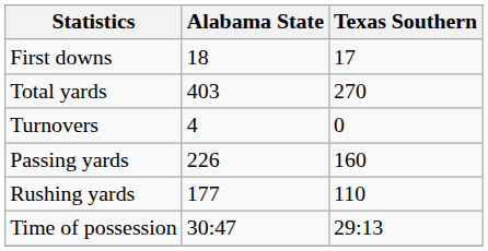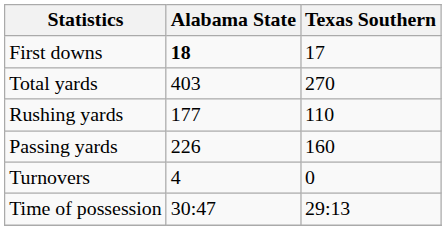 <table class="wikitable">
 <tr>
 <th>Statistics</th>
 <th>Alabama State</th>
 <th>Texas Southern</th>
 </tr>
 <tr>
 <td>First downs</td>
-<td>18</td>
+<td><strong>18</strong></td>
 <td>17</td>
 </tr>
 <tr>
 <td>Total yards</td>
 <td>403</td>
 <td>270</td>
 </tr>
 <tr>
-<td>Turnovers</td>
-<td>4</td>
-<td>0</td>
+<td>Rushing yards</td>
+<td>177</td>
+<td>110</td>
 </tr>
 <tr>
 <td>Passing yards</td>
 <td>226</td>
 <td>160</td>
 </tr>
 <tr>
-<td>Rushing yards</td>
-<td>177</td>
-<td>110</td>
+<td>Turnovers</td>
+<td>4</td>
+<td>0</td>
 </tr>
 <tr>
 <td>Time of possession</td>
 <td>30:47</td>
 <td>29:13</td>
 </tr>
 <tr>
 </tr>
 </table>
